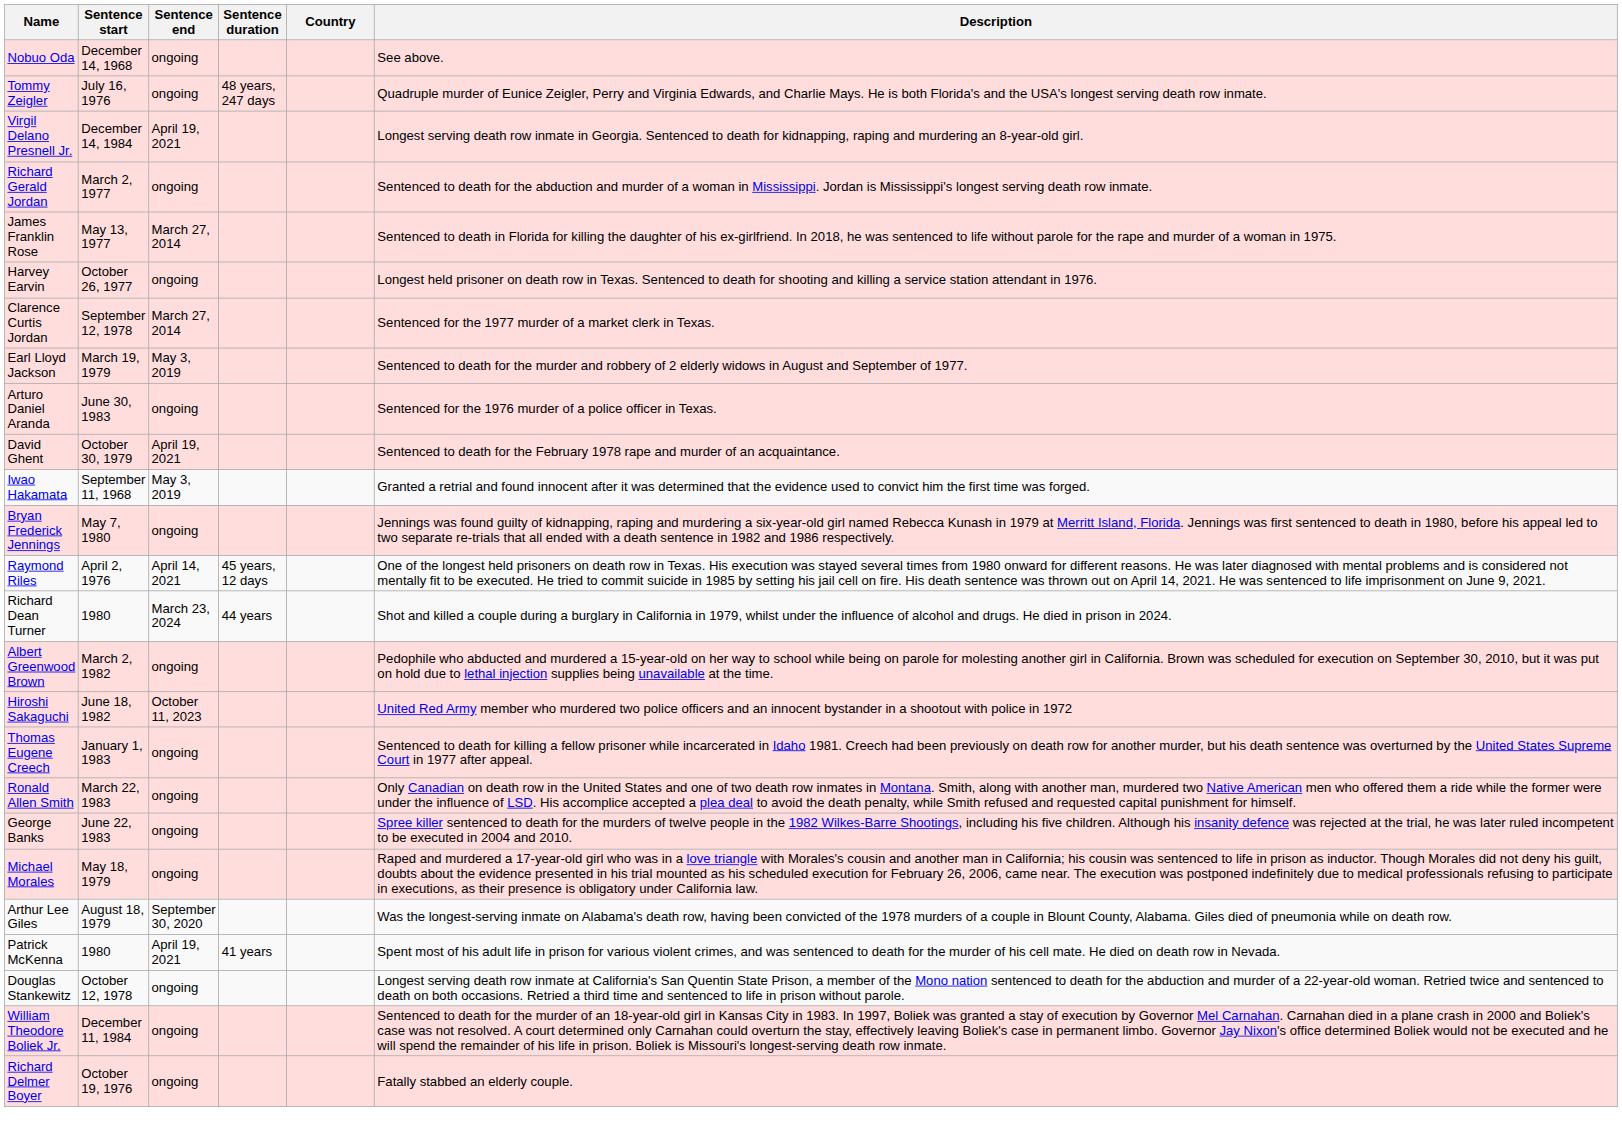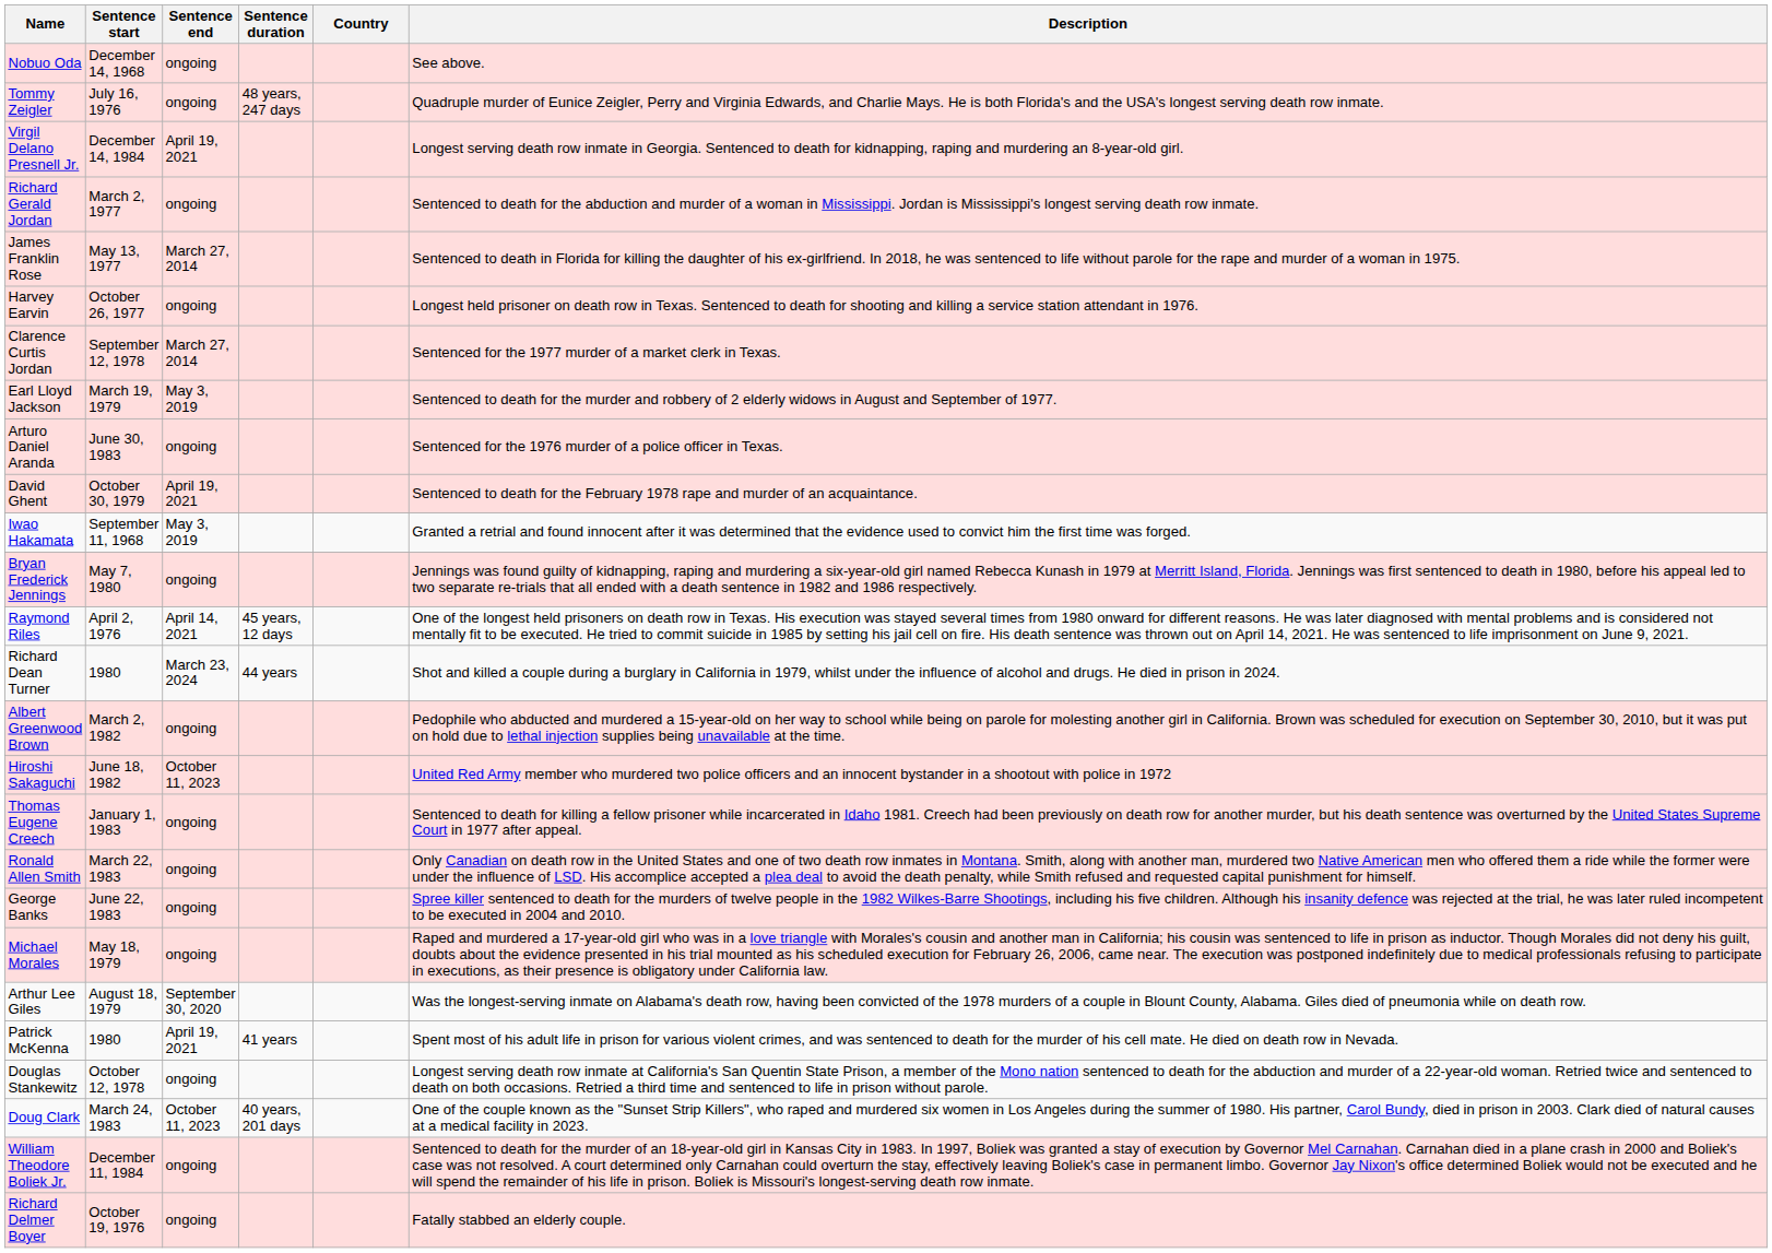 <table class="wikitable sortable" style="display: inline-table;width:;">
 <tr>
 <th style="width:76px;">Name</th>
 <th style="width:75px;">Sentence start</th>
 <th style="width:75px;">Sentence end</th>
 <th style="width:75px;">Sentence duration</th>
 <th style="width:100px;">Country</th>
 <th class="unsortable">Description</th>
 </tr>
 <tr style="background:#fdd;">
 <td><a href='#'>Nobuo Oda</a></td>
 <td>December 14, 1968</td>
 <td>ongoing</td>
 <td></td>
 <td> </td>
 <td>See above.</td>
 </tr>
 <tr style="background:#fdd;">
 <td><a href='#'>Tommy Zeigler</a></td>
 <td>July 16, 1976</td>
 <td>ongoing</td>
 <td>48 years, 247 days</td>
 <td> </td>
 <td>Quadruple murder of Eunice Zeigler, Perry and Virginia Edwards, and Charlie Mays. He is both Florida's and the USA's longest serving death row inmate.</td>
 </tr>
 <tr style="background:#fdd;">
 <td><a href='#'>Virgil Delano Presnell Jr.</a></td>
 <td>December 14, 1984</td>
 <td>April 19, 2021</td>
 <td></td>
 <td> </td>
 <td>Longest serving death row inmate in Georgia. Sentenced to death for kidnapping, raping and murdering an 8-year-old girl.</td>
 </tr>
 <tr style="background:#fdd;">
 <td><a href='#'>Richard Gerald Jordan</a></td>
 <td>March 2, 1977</td>
 <td>ongoing</td>
 <td></td>
 <td> </td>
 <td>Sentenced to death for the abduction and murder of a woman in <a href='#'>Mississippi</a>. Jordan is Mississippi's longest serving death row inmate.</td>
 </tr>
 <tr style="background:#fdd;">
 <td>James Franklin Rose</td>
 <td>May 13, 1977</td>
 <td>March 27, 2014</td>
 <td></td>
 <td> </td>
 <td>Sentenced to death in Florida for killing the daughter of his ex-girlfriend. In 2018, he was sentenced to life without parole for the rape and murder of a woman in 1975.</td>
 </tr>
 <tr style="background:#fdd;">
 <td>Harvey Earvin</td>
 <td>October 26, 1977</td>
 <td>ongoing</td>
 <td></td>
 <td> </td>
 <td>Longest held prisoner on death row in Texas. Sentenced to death for shooting and killing a service station attendant in 1976.</td>
 </tr>
 <tr style="background:#fdd;">
 <td>Clarence Curtis Jordan</td>
 <td>September 12, 1978</td>
 <td>March 27, 2014</td>
 <td></td>
 <td> </td>
 <td>Sentenced for the 1977 murder of a market clerk in Texas.</td>
 </tr>
 <tr style="background:#fdd;">
 <td>Earl Lloyd Jackson</td>
 <td>March 19, 1979</td>
 <td>May 3, 2019</td>
 <td></td>
 <td> </td>
 <td>Sentenced to death for the murder and robbery of 2 elderly widows in August and September of 1977. </td>
 </tr>
 <tr style="background:#fdd;">
 <td>Arturo Daniel Aranda</td>
 <td>June 30, 1983</td>
 <td>ongoing</td>
 <td></td>
 <td> </td>
 <td>Sentenced for the 1976 murder of a police officer in Texas.</td>
 </tr>
 <tr style="background:#fdd;">
 <td>David Ghent</td>
 <td>October 30, 1979</td>
 <td>April 19, 2021</td>
 <td></td>
 <td> </td>
 <td>Sentenced to death for the February 1978 rape and murder of an acquaintance.</td>
 </tr>
 <tr>
 <td><a href='#'>Iwao Hakamata</a></td>
 <td>September 11, 1968</td>
 <td>May 3, 2019</td>
 <td></td>
 <td> </td>
 <td>Granted a retrial and found innocent after it was determined that the evidence used to convict him the first time was forged.</td>
 </tr>
 <tr style="background:#fdd;">
 <td><a href='#'>Bryan Frederick Jennings</a></td>
 <td>May 7, 1980</td>
 <td>ongoing</td>
 <td></td>
 <td> </td>
 <td>Jennings was found guilty of kidnapping, raping and murdering a six-year-old girl named Rebecca Kunash in 1979 at <a href='#'>Merritt Island, Florida</a>. Jennings was first sentenced to death in 1980, before his appeal led to two separate re-trials that all ended with a death sentence in 1982 and 1986 respectively.</td>
 </tr>
 <tr>
 <td><a href='#'>Raymond Riles</a></td>
 <td>April 2, 1976</td>
 <td>April 14, 2021</td>
 <td>45 years, 12 days</td>
 <td> </td>
 <td>One of the longest held prisoners on death row in Texas. His execution was stayed several times from 1980 onward for different reasons. He was later diagnosed with mental problems and is considered not mentally fit to be executed. He tried to commit suicide in 1985 by setting his jail cell on fire. His death sentence was thrown out on April 14, 2021. He was sentenced to life imprisonment on June 9, 2021.</td>
 </tr>
 <tr>
 <td>Richard Dean Turner</td>
 <td>1980</td>
 <td>March 23, 2024</td>
 <td>44 years</td>
 <td> </td>
 <td>Shot and killed a couple during a burglary in California in 1979, whilst under the influence of alcohol and drugs. He died in prison in 2024.</td>
 </tr>
 <tr style="background:#fdd;">
 <td><a href='#'>Albert Greenwood Brown</a></td>
 <td>March 2, 1982</td>
 <td>ongoing</td>
 <td></td>
 <td> </td>
 <td>Pedophile who abducted and murdered a 15-year-old on her way to school while being on parole for molesting another girl in California. Brown was scheduled for execution on September 30, 2010, but it was put on hold due to <a href='#'>lethal injection</a> supplies being <a href='#'>unavailable</a> at the time.</td>
 </tr>
 <tr style="background:#fdd;">
 <td><a href='#'>Hiroshi Sakaguchi</a></td>
 <td>June 18, 1982</td>
 <td>October 11, 2023</td>
 <td></td>
 <td> </td>
 <td><a href='#'>United Red Army</a> member who murdered two police officers and an innocent bystander in a shootout with police in 1972</td>
 </tr>
 <tr style="background:#fdd;">
 <td><a href='#'>Thomas Eugene Creech</a></td>
 <td>January 1, 1983</td>
 <td>ongoing</td>
 <td></td>
 <td> </td>
 <td>Sentenced to death for killing a fellow prisoner while incarcerated in <a href='#'>Idaho</a> 1981. Creech had been previously on death row for another murder, but his death sentence was overturned by the <a href='#'>United States Supreme Court</a> in 1977 after appeal.</td>
 </tr>
 <tr style="background:#fdd;">
 <td><a href='#'>Ronald Allen Smith</a></td>
 <td>March 22, 1983</td>
 <td>ongoing</td>
 <td></td>
 <td> </td>
 <td>Only <a href='#'>Canadian</a> on death row in the United States and one of two death row inmates in <a href='#'>Montana</a>. Smith, along with another man, murdered two <a href='#'>Native American</a> men who offered them a ride while the former were under the influence of <a href='#'>LSD</a>. His accomplice accepted a <a href='#'>plea deal</a> to avoid the death penalty, while Smith refused and requested capital punishment for himself.</td>
 </tr>
 <tr style="background:#fdd;">
 <td>George Banks</td>
 <td>June 22, 1983</td>
 <td>ongoing</td>
 <td></td>
 <td> </td>
 <td><a href='#'>Spree killer</a> sentenced to death for the murders of twelve people in the <a href='#'>1982 Wilkes-Barre Shootings</a>, including his five children. Although his <a href='#'>insanity defence</a> was rejected at the trial, he was later ruled incompetent to be executed in 2004 and 2010.</td>
 </tr>
 <tr style="background:#fdd;">
 <td><a href='#'>Michael Morales</a></td>
 <td>May 18, 1979</td>
 <td>ongoing</td>
 <td></td>
 <td> </td>
 <td>Raped and murdered a 17-year-old girl who was in a <a href='#'>love triangle</a> with Morales's cousin and another man in California; his cousin was sentenced to life in prison as inductor. Though Morales did not deny his guilt, doubts about the evidence presented in his trial mounted as his scheduled execution for February 26, 2006, came near. The execution was postponed indefinitely due to medical professionals refusing to participate in executions, as their presence is obligatory under California law.</td>
 </tr>
 <tr>
 <td>Arthur Lee Giles</td>
 <td>August 18, 1979</td>
 <td>September 30, 2020</td>
 <td></td>
 <td> </td>
 <td>Was the longest-serving inmate on Alabama's death row, having been convicted of the 1978 murders of a couple in Blount County, Alabama. Giles died of pneumonia while on death row.</td>
 </tr>
 <tr>
 <td>Patrick McKenna</td>
 <td>1980</td>
 <td>April 19, 2021</td>
 <td>41 years</td>
 <td> </td>
 <td>Spent most of his adult life in prison for various violent crimes, and was sentenced to death for the murder of his cell mate. He died on death row in Nevada.</td>
 </tr>
 <tr>
 <td>Douglas Stankewitz</td>
 <td>October 12, 1978</td>
 <td>ongoing</td>
 <td></td>
 <td> </td>
 <td>Longest serving death row inmate at California's San Quentin State Prison, a member of the <a href='#'>Mono nation</a> sentenced to death for the abduction and murder of a 22-year-old woman. Retried twice and sentenced to death on both occasions. Retried a third time and sentenced to life in prison without parole.</td>
 </tr>
+<tr>
+<td><a href='#'>Doug Clark</a></td>
+<td>March 24, 1983</td>
+<td>October 11, 2023</td>
+<td>40 years, 201 days</td>
+<td> </td>
+<td>One of the couple known as the "Sunset Strip Killers", who raped and murdered six women in Los Angeles during the summer of 1980. His partner, <a href='#'>Carol Bundy</a>, died in prison in 2003. Clark died of natural causes at a medical facility in 2023.</td>
+</tr>
 <tr style="background:#fdd;">
 <td><a href='#'>William Theodore Boliek Jr.</a></td>
 <td>December 11, 1984</td>
 <td>ongoing</td>
 <td></td>
 <td> </td>
 <td>Sentenced to death for the murder of an 18-year-old girl in Kansas City in 1983. In 1997, Boliek was granted a stay of execution by Governor <a href='#'>Mel Carnahan</a>. Carnahan died in a plane crash in 2000 and Boliek's case was not resolved. A court determined only Carnahan could overturn the stay, effectively leaving Boliek's case in permanent limbo. Governor <a href='#'>Jay Nixon</a>'s office determined Boliek would not be executed and he will spend the remainder of his life in prison. Boliek is Missouri's longest-serving death row inmate.</td>
 </tr>
 <tr style="background:#fdd;">
 <td><a href='#'>Richard Delmer Boyer</a></td>
 <td>October 19, 1976</td>
 <td>ongoing</td>
 <td></td>
 <td> </td>
 <td>Fatally stabbed an elderly couple.</td>
 </tr>
 </table>
